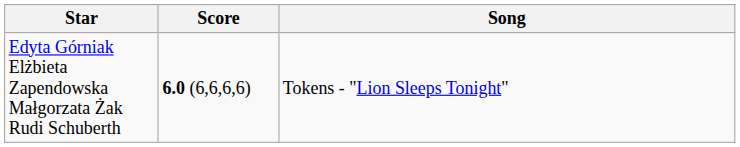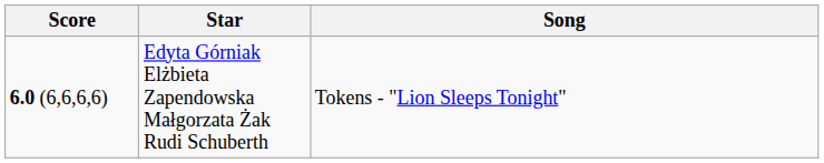 <table class="wikitable">
 <tr>
+<th style="width:100px;">Score</th>
 <th style="width:130px;">Star</th>
-<th style="width:100px;">Score</th>
 <th style="width:400px;">Song</th>
 </tr>
 <tr>
+<td><strong>6.0</strong> (6,6,6,6)</td>
 <td><a href='#'>Edyta Górniak</a> <br> Elżbieta Zapendowska <br> Małgorzata Żak <br> Rudi Schuberth</td>
-<td><strong>6.0</strong> (6,6,6,6)</td>
 <td>Tokens - "<a href='#'>Lion Sleeps Tonight</a>"</td>
 </tr>
 </table>
